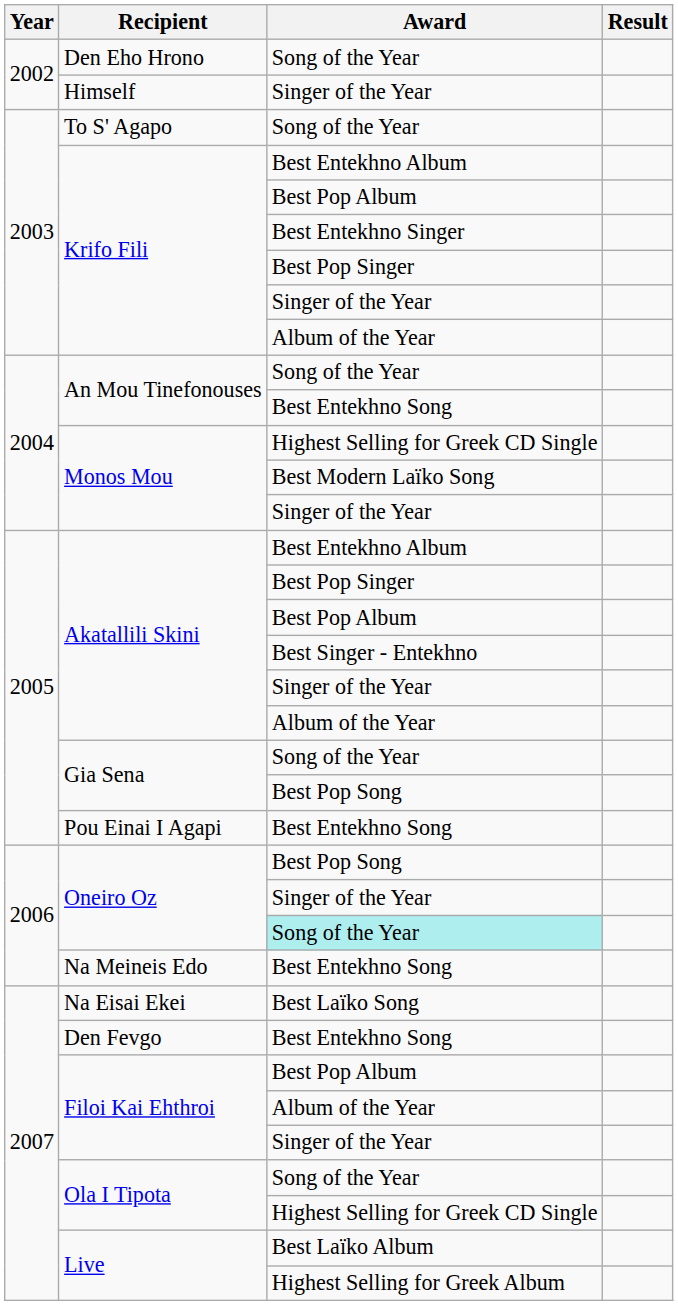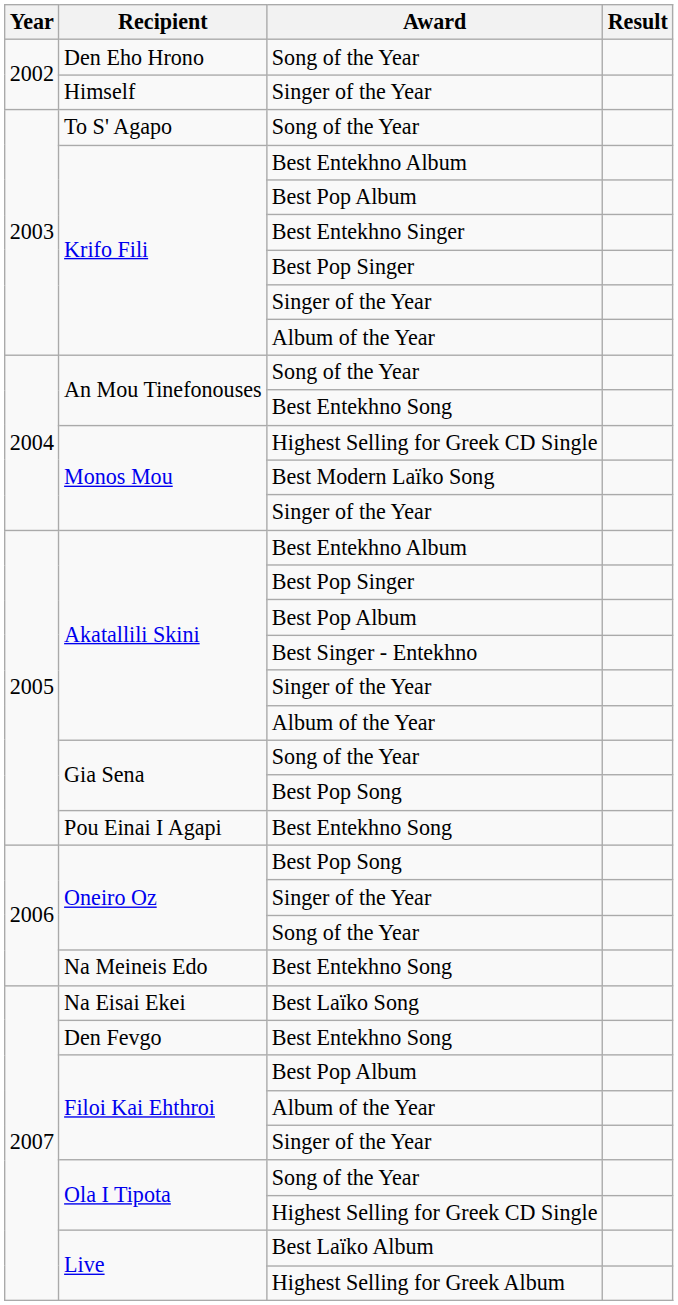 <table class="wikitable">
 <tr>
 <th>Year</th>
 <th>Recipient</th>
 <th>Award</th>
 <th>Result</th>
 </tr>
 <tr>
 <td rowspan="2">2002</td>
 <td>Den Eho Hrono</td>
 <td>Song of the Year</td>
 <td></td>
 </tr>
 <tr>
 <td>Himself</td>
 <td>Singer of the Year</td>
 <td></td>
 </tr>
 <tr>
 <td rowspan="7">2003</td>
 <td>To S' Agapo</td>
 <td>Song of the Year</td>
 <td></td>
 </tr>
 <tr>
 <td rowspan="6"><a href='#'>Krifo Fili</a></td>
 <td>Best Entekhno Album</td>
 <td></td>
 </tr>
 <tr>
 <td>Best Pop Album</td>
 <td></td>
 </tr>
 <tr>
 <td>Best Entekhno Singer</td>
 <td></td>
 </tr>
 <tr>
 <td>Best Pop Singer</td>
 <td></td>
 </tr>
 <tr>
 <td>Singer of the Year</td>
 <td></td>
 </tr>
 <tr>
 <td>Album of the Year</td>
 <td></td>
 </tr>
 <tr>
 <td rowspan="5">2004</td>
 <td rowspan="2">An Mou Tinefonouses</td>
 <td>Song of the Year</td>
 <td></td>
 </tr>
 <tr>
 <td>Best Entekhno Song</td>
 <td></td>
 </tr>
 <tr>
 <td rowspan="3"><a href='#'>Monos Mou</a></td>
 <td>Highest Selling for Greek CD Single</td>
 <td></td>
 </tr>
 <tr>
 <td>Best Modern Laïko Song</td>
 <td></td>
 </tr>
 <tr>
 <td>Singer of the Year</td>
 <td></td>
 </tr>
 <tr>
 <td rowspan="9">2005</td>
 <td rowspan="6"><a href='#'>Akatallili Skini</a></td>
 <td>Best Entekhno Album</td>
 <td></td>
 </tr>
 <tr>
 <td>Best Pop Singer</td>
 <td></td>
 </tr>
 <tr>
 <td>Best Pop Album</td>
 <td></td>
 </tr>
 <tr>
 <td>Best Singer - Entekhno</td>
 <td></td>
 </tr>
 <tr>
 <td>Singer of the Year</td>
 <td></td>
 </tr>
 <tr>
 <td>Album of the Year</td>
 <td></td>
 </tr>
 <tr>
 <td rowspan="2">Gia Sena</td>
 <td>Song of the Year</td>
 <td></td>
 </tr>
 <tr>
 <td>Best Pop Song</td>
 <td></td>
 </tr>
 <tr>
 <td>Pou Einai I Agapi</td>
 <td>Best Entekhno Song</td>
 <td></td>
 </tr>
 <tr>
 <td rowspan="4">2006</td>
 <td rowspan="3"><a href='#'>Oneiro Oz</a></td>
 <td>Best Pop Song</td>
 <td></td>
 </tr>
 <tr>
 <td>Singer of the Year</td>
 <td></td>
 </tr>
 <tr>
-<td style="background: paleturquoise;">Song of the Year</td>
+<td>Song of the Year</td>
 <td></td>
 </tr>
 <tr>
 <td>Na Meineis Edo</td>
 <td>Best Entekhno Song</td>
 <td></td>
 </tr>
 <tr>
 <td rowspan="9">2007</td>
 <td>Na Eisai Ekei</td>
 <td>Best Laïko Song</td>
 <td></td>
 </tr>
 <tr>
 <td>Den Fevgo</td>
 <td>Best Entekhno Song</td>
 <td></td>
 </tr>
 <tr>
 <td rowspan="3"><a href='#'>Filoi Kai Ehthroi</a></td>
 <td>Best Pop Album</td>
 <td></td>
 </tr>
 <tr>
 <td>Album of the Year</td>
 <td></td>
 </tr>
 <tr>
 <td>Singer of the Year</td>
 <td></td>
 </tr>
 <tr>
 <td rowspan="2"><a href='#'>Ola I Tipota</a></td>
 <td>Song of the Year</td>
 <td></td>
 </tr>
 <tr>
 <td>Highest Selling for Greek CD Single</td>
 <td></td>
 </tr>
 <tr>
 <td rowspan="2"><a href='#'>Live</a></td>
 <td>Best Laïko Album</td>
 <td></td>
 </tr>
 <tr>
 <td>Highest Selling for Greek Album</td>
 <td></td>
 </tr>
 <tr>
 </tr>
 </table>
